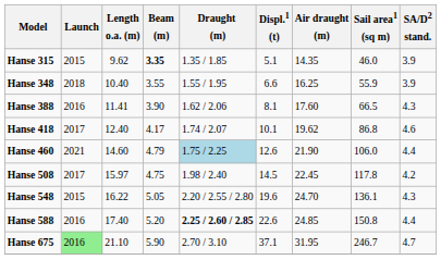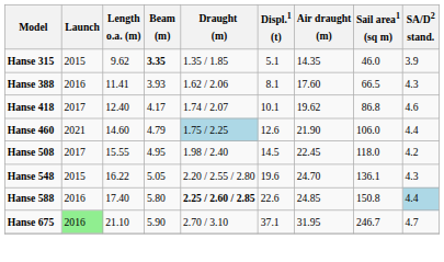 <table class="wikitable" style="text-align:center;font-size:85%;line-height:170%;">
 <tr>
 <td style="width: 50pt;background: #f2f2f2"><strong>Model</strong></td>
 <td style="width: 35pt;background: #f2f2f2"><strong>Launch</strong></td>
 <td style="width: 35pt;background: #f2f2f2"><strong>Length<br>o.a. (m)</strong></td>
 <td style="width: 30pt;background: #f2f2f2"><strong>Beam (m)</strong></td>
 <td style="width: 70pt;background: #f2f2f2"><strong>Draught <br>(m)</strong></td>
 <td style="width: 30pt;background: #f2f2f2"><strong>Displ.<sup>1</sup><br>(t)</strong></td>
 <td style="width: 40pt;background: #f2f2f2"><strong>Air draught (m)</strong></td>
 <td style="width: 30pt;background: #f2f2f2"><strong>Sail area<sup>1</sup><br>(sq m)</strong></td>
 <td style="width: 30pt;background: #f2f2f2"><strong>SA/D<sup>2</sup><br>stand.</strong></td>
 </tr>
 <tr>
 <td style="text-align:left"><strong>Hanse 315</strong></td>
 <td style="text-align:left">2015</td>
 <td style="text-align:left">  9.62</td>
 <td style="text-align:left"><strong>3.35</strong></td>
 <td style="text-align:left">1.35 / 1.85</td>
 <td style="text-align:left">  5.1</td>
 <td style="text-align:left">14.35</td>
 <td style="text-align:left">  46.0</td>
 <td style="text-align:left">3.9</td>
 </tr>
 <tr>
-<td style="text-align:left"><strong>Hanse 348</strong></td>
-<td style="text-align:left">2018</td>
-<td style="text-align:left">10.40</td>
-<td style="text-align:left">3.55</td>
-<td style="text-align:left">1.55 / 1.95</td>
-<td style="text-align:left">  6.6</td>
-<td style="text-align:left">16.25</td>
-<td style="text-align:left">  55.9</td>
-<td style="text-align:left">3.9</td>
-</tr>
-<tr>
 <td style="text-align:left"><strong>Hanse 388</strong></td>
 <td style="text-align:left">2016</td>
 <td style="text-align:left">11.41</td>
-<td style="text-align:left">3.90</td>
+<td style="text-align:left">3.93</td>
 <td style="text-align:left">1.62 / 2.06</td>
 <td style="text-align:left">  8.1</td>
 <td style="text-align:left">17.60</td>
 <td style="text-align:left">  66.5</td>
 <td style="text-align:left">4.3</td>
 </tr>
 <tr>
 <td style="text-align:left"><strong>Hanse 418</strong></td>
 <td style="text-align:left">2017</td>
 <td style="text-align:left">12.40</td>
 <td style="text-align:left">4.17</td>
 <td style="text-align:left">1.74 / 2.07</td>
 <td style="text-align:left">10.1</td>
 <td style="text-align:left">19.62</td>
 <td style="text-align:left">  86.8</td>
 <td style="text-align:left">4.6</td>
 </tr>
 <tr>
 <td style="text-align:left"><strong>Hanse 460</strong></td>
 <td style="text-align:left">2021</td>
 <td style="text-align:left">14.60</td>
 <td style="text-align:left">4.79</td>
 <td style="background: lightblue; text-align:left">1.75 / 2.25</td>
 <td style="text-align:left">12.6</td>
 <td style="text-align:left">21.90</td>
 <td style="text-align:left">106.0</td>
 <td style="text-align:left">4.4</td>
 </tr>
 <tr>
 <td style="text-align:left"><strong>Hanse 508</strong></td>
 <td style="text-align:left">2017</td>
-<td style="text-align:left">15.97</td>
-<td style="text-align:left">4.75</td>
+<td style="text-align:left">15.55</td>
+<td style="text-align:left">4.95</td>
 <td style="text-align:left">1.98 / 2.40</td>
 <td style="text-align:left">14.5</td>
 <td style="text-align:left">22.45</td>
-<td style="text-align:left">117.8</td>
+<td style="text-align:left">118.0</td>
 <td style="text-align:left">4.2</td>
 </tr>
 <tr>
 <td style="text-align:left"><strong>Hanse 548</strong></td>
 <td style="text-align:left">2015</td>
 <td style="text-align:left">16.22</td>
 <td style="text-align:left">5.05</td>
 <td style="text-align:left">2.20 / 2.55 / 2.80</td>
 <td style="text-align:left">19.6</td>
 <td style="text-align:left">24.70</td>
 <td style="text-align:left">136.1</td>
 <td style="text-align:left">4.3</td>
 </tr>
 <tr>
 <td style="text-align:left"><strong>Hanse 588</strong></td>
 <td style="text-align:left">2016</td>
 <td style="text-align:left">17.40</td>
-<td style="text-align:left">5.20</td>
+<td style="text-align:left">5.80</td>
 <td style="text-align:left"><strong>2.25 / 2.60 / 2.85</strong></td>
 <td style="text-align:left">22.6</td>
 <td style="text-align:left">24.85</td>
 <td style="text-align:left">150.8</td>
-<td style="text-align:left">4.4</td>
+<td style="background: lightblue; text-align:left">4.4</td>
 </tr>
 <tr>
 <td style="text-align:left"><strong>Hanse 675</strong></td>
 <td style="background: lightgreen; text-align:left">2016</td>
 <td style="text-align:left">21.10</td>
 <td style="text-align:left">5.90</td>
 <td style="text-align:left">2.70 / 3.10</td>
 <td style="text-align:left">37.1</td>
 <td style="text-align:left">31.95</td>
 <td style="text-align:left">246.7</td>
 <td style="text-align:left">4.7</td>
 </tr>
 <tr>
 </tr>
 </table>
